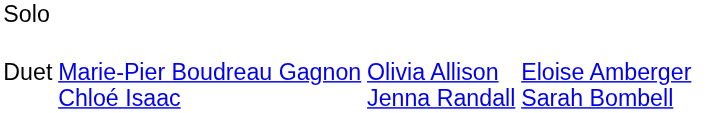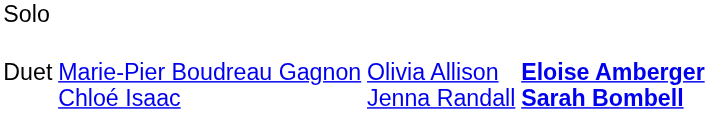 <table>
 <tr>
 <td>Solo<br></td>
 <td></td>
 <td></td>
 <td></td>
 </tr>
 <tr>
 <td>Duet<br></td>
 <td><br><a href='#'>Marie-Pier Boudreau Gagnon</a><br><a href='#'>Chloé Isaac</a></td>
 <td><br><a href='#'>Olivia Allison</a><br><a href='#'>Jenna Randall</a></td>
-<td><br><a href='#'>Eloise Amberger</a><br><a href='#'>Sarah Bombell</a></td>
+<td><strong><br><a href='#'>Eloise Amberger</a><br><a href='#'>Sarah Bombell</a></strong></td>
 </tr>
 <tr>
 </tr>
 </table>
